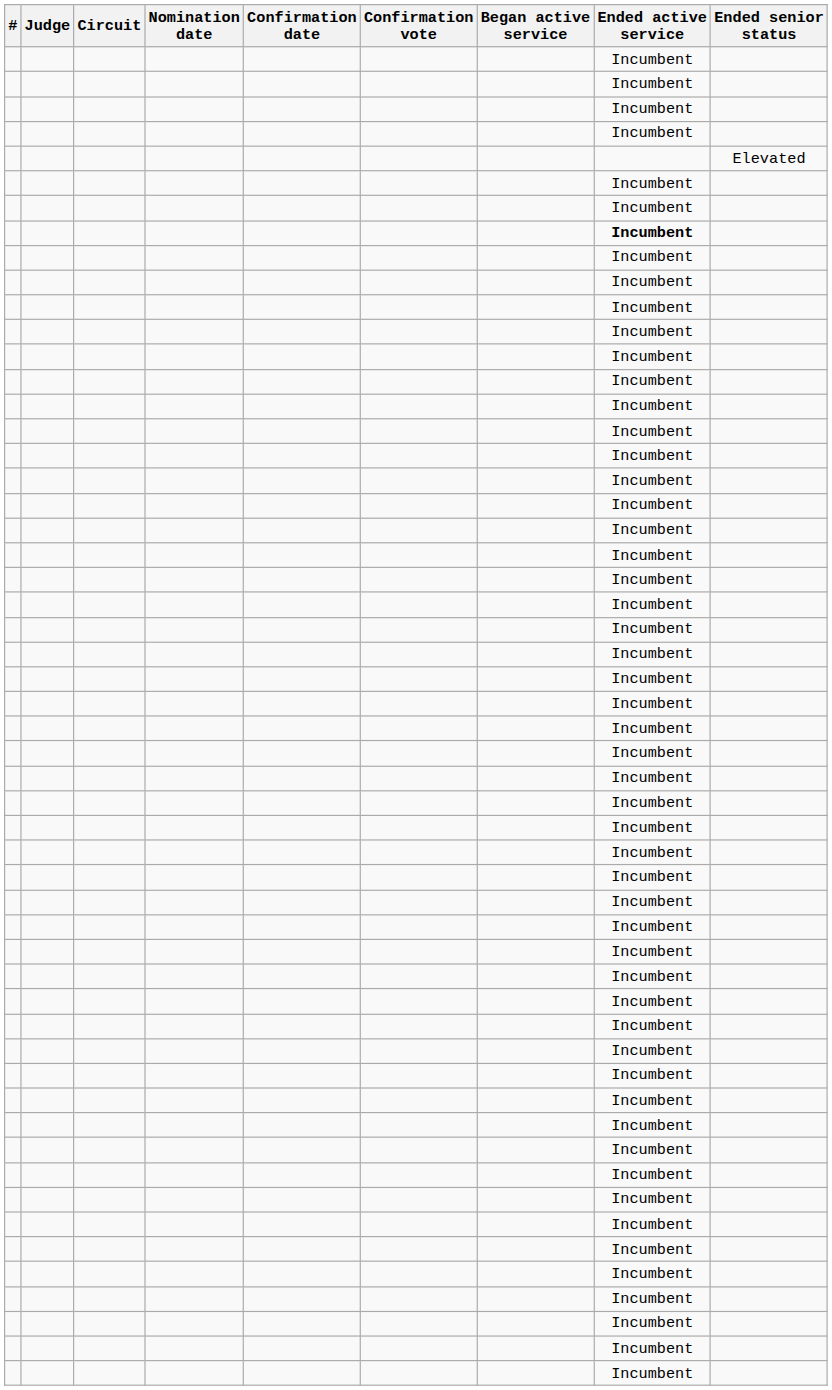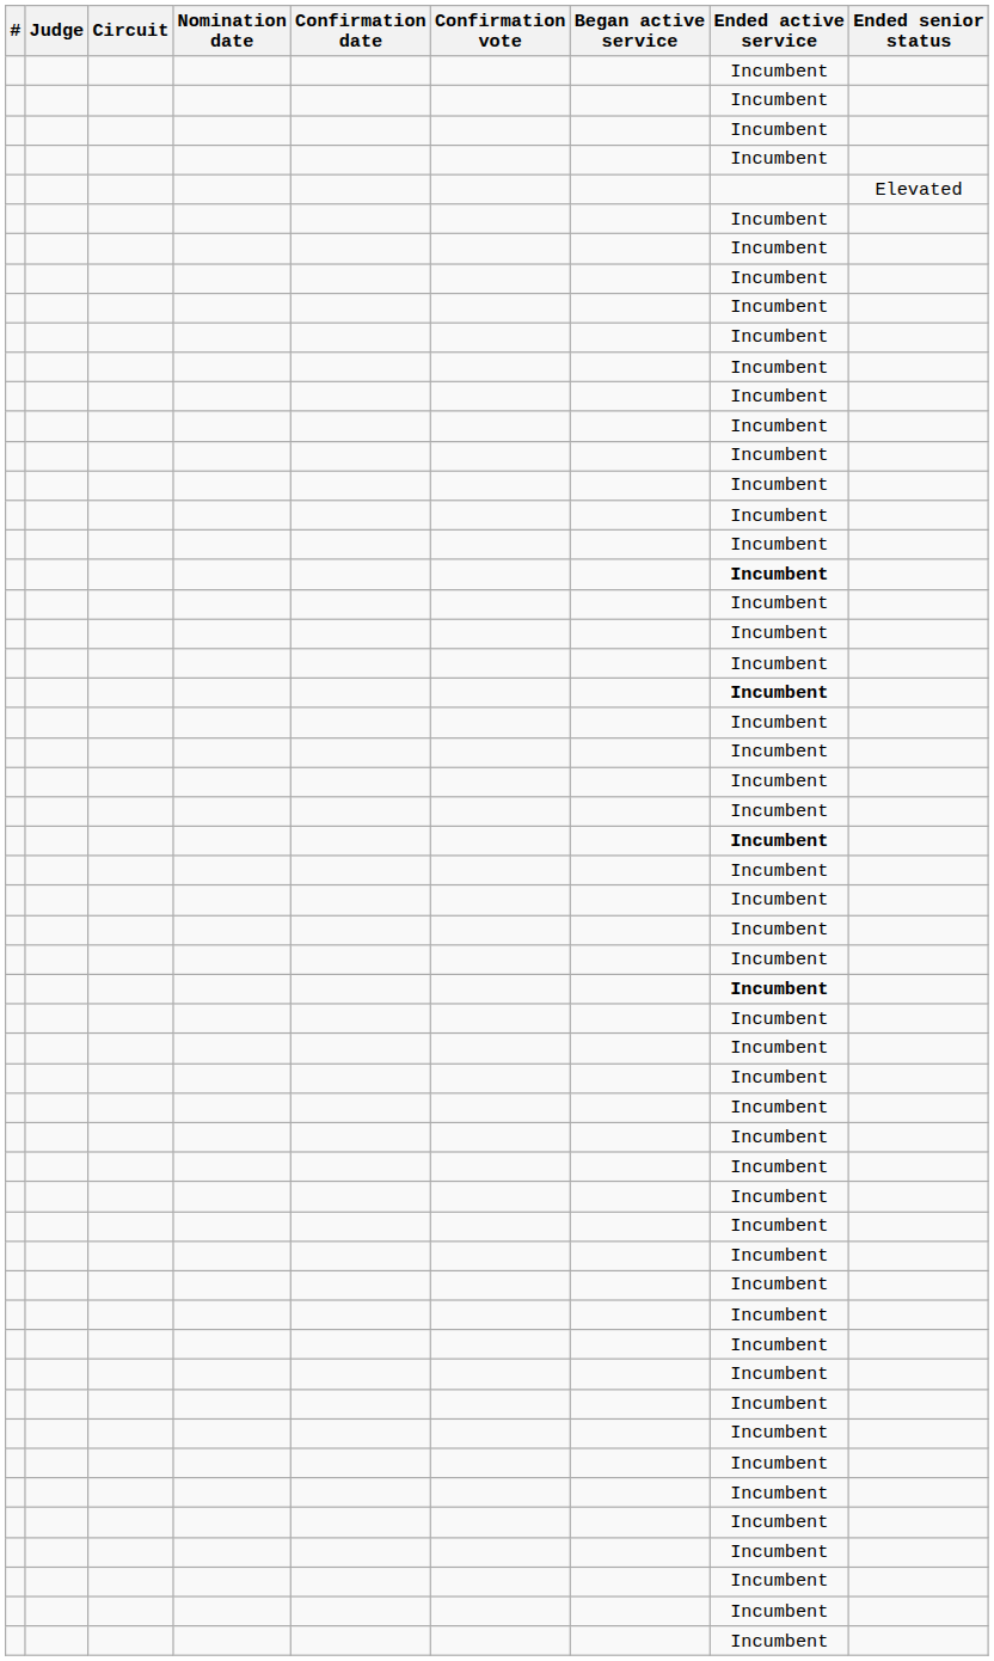 <table class="sortable wikitable">
 <tr bgcolor="#ececec">
 <th>#</th>
 <th>Judge</th>
 <th>Circuit</th>
 <th>Nomination<br>date</th>
 <th>Confirmation<br>date</th>
 <th>Confirmation<br>vote</th>
 <th>Began active<br>service</th>
 <th>Ended active<br>service</th>
 <th>Ended senior<br>status</th>
 </tr>
 <tr>
 <td></td>
 <td></td>
 <td></td>
 <td></td>
 <td></td>
 <td align="center"></td>
 <td></td>
 <td align="center">Incumbent</td>
 <td align="center"></td>
 </tr>
 <tr>
 <td></td>
 <td></td>
 <td></td>
 <td></td>
 <td></td>
 <td align="center"></td>
 <td></td>
 <td align="center">Incumbent</td>
 <td align="center"></td>
 </tr>
 <tr>
 <td></td>
 <td></td>
 <td></td>
 <td></td>
 <td></td>
 <td align="center"></td>
 <td></td>
 <td align="center">Incumbent</td>
 <td align="center"></td>
 </tr>
 <tr>
 <td></td>
 <td></td>
 <td></td>
 <td></td>
 <td></td>
 <td align="center"></td>
 <td></td>
 <td align="center">Incumbent</td>
 <td align="center"></td>
 </tr>
 <tr>
 <td></td>
 <td></td>
 <td></td>
 <td></td>
 <td></td>
 <td align="center"></td>
 <td></td>
 <td></td>
 <td align="center">Elevated</td>
+</tr>
+<tr>
+<td></td>
+<td></td>
+<td></td>
+<td></td>
+<td></td>
+<td align="center"></td>
+<td></td>
+<td align="center">Incumbent</td>
+<td align="center"></td>
+</tr>
+<tr>
+<td></td>
+<td></td>
+<td></td>
+<td></td>
+<td></td>
+<td align="center"></td>
+<td></td>
+<td align="center">Incumbent</td>
+<td align="center"></td>
+</tr>
+<tr>
+<td></td>
+<td></td>
+<td></td>
+<td></td>
+<td></td>
+<td align="center"></td>
+<td></td>
+<td align="center">Incumbent</td>
+<td align="center"></td>
+</tr>
+<tr>
+<td></td>
+<td></td>
+<td></td>
+<td></td>
+<td></td>
+<td align="center"></td>
+<td></td>
+<td align="center">Incumbent</td>
+<td align="center"></td>
+</tr>
+<tr>
+<td></td>
+<td></td>
+<td></td>
+<td></td>
+<td></td>
+<td align="center"></td>
+<td></td>
+<td align="center">Incumbent</td>
+<td align="center"></td>
+</tr>
+<tr>
+<td></td>
+<td></td>
+<td></td>
+<td></td>
+<td></td>
+<td align="center"></td>
+<td></td>
+<td align="center">Incumbent</td>
+<td align="center"></td>
+</tr>
+<tr>
+<td></td>
+<td></td>
+<td></td>
+<td></td>
+<td></td>
+<td align="center"></td>
+<td></td>
+<td align="center">Incumbent</td>
+<td align="center"></td>
+</tr>
+<tr>
+<td></td>
+<td></td>
+<td></td>
+<td></td>
+<td></td>
+<td align="center"></td>
+<td></td>
+<td align="center">Incumbent</td>
+<td align="center"></td>
+</tr>
+<tr>
+<td></td>
+<td></td>
+<td></td>
+<td></td>
+<td></td>
+<td align="center"></td>
+<td></td>
+<td align="center">Incumbent</td>
+<td align="center"></td>
+</tr>
+<tr>
+<td></td>
+<td></td>
+<td></td>
+<td></td>
+<td></td>
+<td align="center"></td>
+<td></td>
+<td align="center">Incumbent</td>
+<td align="center"></td>
+</tr>
+<tr>
+<td></td>
+<td></td>
+<td></td>
+<td></td>
+<td></td>
+<td align="center"></td>
+<td></td>
+<td align="center">Incumbent</td>
+<td align="center"></td>
+</tr>
+<tr>
+<td></td>
+<td></td>
+<td></td>
+<td></td>
+<td></td>
+<td align="center"></td>
+<td></td>
+<td align="center">Incumbent</td>
+<td align="center"></td>
+</tr>
+<tr>
+<td></td>
+<td></td>
+<td></td>
+<td></td>
+<td></td>
+<td align="center"></td>
+<td></td>
+<td align="center"><strong>Incumbent</strong></td>
+<td align="center"></td>
+</tr>
+<tr>
+<td></td>
+<td></td>
+<td></td>
+<td></td>
+<td></td>
+<td align="center"></td>
+<td></td>
+<td align="center">Incumbent</td>
+<td align="center"></td>
+</tr>
+<tr>
+<td></td>
+<td></td>
+<td></td>
+<td></td>
+<td></td>
+<td align="center"></td>
+<td></td>
+<td align="center">Incumbent</td>
+<td align="center"></td>
+</tr>
+<tr>
+<td></td>
+<td></td>
+<td></td>
+<td></td>
+<td></td>
+<td align="center"></td>
+<td></td>
+<td align="center">Incumbent</td>
+<td align="center"></td>
+</tr>
+<tr>
+<td></td>
+<td></td>
+<td></td>
+<td></td>
+<td></td>
+<td align="center"></td>
+<td></td>
+<td align="center"><strong>Incumbent</strong></td>
+<td align="center"></td>
+</tr>
+<tr>
+<td></td>
+<td></td>
+<td></td>
+<td></td>
+<td></td>
+<td align="center"></td>
+<td></td>
+<td align="center">Incumbent</td>
+<td align="center"></td>
+</tr>
+<tr>
+<td></td>
+<td></td>
+<td></td>
+<td></td>
+<td></td>
+<td align="center"></td>
+<td></td>
+<td align="center">Incumbent</td>
+<td align="center"></td>
+</tr>
+<tr>
+<td></td>
+<td></td>
+<td></td>
+<td></td>
+<td></td>
+<td align="center"></td>
+<td></td>
+<td align="center">Incumbent</td>
+<td align="center"></td>
+</tr>
+<tr>
+<td></td>
+<td></td>
+<td></td>
+<td></td>
+<td></td>
+<td align="center"></td>
+<td></td>
+<td align="center">Incumbent</td>
+<td align="center"></td>
+</tr>
+<tr>
+<td></td>
+<td></td>
+<td></td>
+<td></td>
+<td></td>
+<td align="center"></td>
+<td></td>
+<td align="center"><strong>Incumbent</strong></td>
+<td align="center"></td>
+</tr>
+<tr>
+<td></td>
+<td></td>
+<td></td>
+<td></td>
+<td></td>
+<td align="center"></td>
+<td></td>
+<td align="center">Incumbent</td>
+<td align="center"></td>
+</tr>
+<tr>
+<td></td>
+<td></td>
+<td></td>
+<td></td>
+<td></td>
+<td align="center"></td>
+<td></td>
+<td align="center">Incumbent</td>
+<td align="center"></td>
 </tr>
 <tr>
 <td></td>
 <td></td>
 <td></td>
 <td></td>
 <td></td>
 <td align="center"></td>
 <td></td>
 <td align="center">Incumbent</td>
 <td align="center"></td>
 </tr>
 <tr>
 <td></td>
 <td></td>
 <td></td>
 <td></td>
 <td></td>
 <td align="center"></td>
 <td></td>
 <td align="center">Incumbent</td>
 <td align="center"></td>
 </tr>
 <tr>
 <td></td>
 <td></td>
 <td></td>
 <td></td>
 <td></td>
 <td align="center"></td>
 <td></td>
 <td align="center"><strong>Incumbent</strong></td>
 <td align="center"></td>
 </tr>
 <tr>
 <td></td>
 <td></td>
 <td></td>
 <td></td>
 <td></td>
 <td align="center"></td>
 <td></td>
 <td align="center">Incumbent</td>
 <td align="center"></td>
 </tr>
 <tr>
 <td></td>
 <td></td>
 <td></td>
 <td></td>
 <td></td>
 <td align="center"></td>
 <td></td>
 <td align="center">Incumbent</td>
 <td align="center"></td>
 </tr>
 <tr>
 <td></td>
 <td></td>
 <td></td>
 <td></td>
 <td></td>
 <td align="center"></td>
 <td></td>
 <td align="center">Incumbent</td>
 <td align="center"></td>
 </tr>
 <tr>
 <td></td>
 <td></td>
 <td></td>
 <td></td>
 <td></td>
 <td align="center"></td>
 <td></td>
 <td align="center">Incumbent</td>
 <td align="center"></td>
 </tr>
 <tr>
 <td></td>
 <td></td>
 <td></td>
 <td></td>
 <td></td>
 <td align="center"></td>
 <td></td>
 <td align="center">Incumbent</td>
 <td align="center"></td>
 </tr>
 <tr>
 <td></td>
 <td></td>
 <td></td>
 <td></td>
 <td></td>
 <td align="center"></td>
 <td></td>
 <td align="center">Incumbent</td>
 <td align="center"></td>
 </tr>
 <tr>
 <td></td>
 <td></td>
 <td></td>
 <td></td>
 <td></td>
 <td align="center"></td>
 <td></td>
 <td align="center">Incumbent</td>
 <td align="center"></td>
 </tr>
 <tr>
 <td></td>
 <td></td>
 <td></td>
 <td></td>
 <td></td>
 <td align="center"></td>
 <td></td>
 <td align="center">Incumbent</td>
 <td align="center"></td>
 </tr>
 <tr>
 <td></td>
 <td></td>
 <td></td>
 <td></td>
 <td></td>
 <td align="center"></td>
 <td></td>
 <td align="center">Incumbent</td>
 <td align="center"></td>
 </tr>
 <tr>
 <td></td>
 <td></td>
 <td></td>
 <td></td>
 <td></td>
 <td align="center"></td>
 <td></td>
 <td align="center">Incumbent</td>
 <td align="center"></td>
 </tr>
 <tr>
 <td></td>
 <td></td>
 <td></td>
 <td></td>
 <td></td>
 <td align="center"></td>
 <td></td>
 <td align="center">Incumbent</td>
 <td align="center"></td>
 </tr>
 <tr>
 <td></td>
 <td></td>
 <td></td>
 <td></td>
 <td></td>
 <td align="center"></td>
 <td></td>
 <td align="center">Incumbent</td>
 <td align="center"></td>
 </tr>
 <tr>
 <td></td>
 <td></td>
 <td></td>
 <td></td>
 <td></td>
 <td align="center"></td>
 <td></td>
 <td align="center">Incumbent</td>
 <td align="center"></td>
 </tr>
 <tr>
 <td></td>
 <td></td>
 <td></td>
 <td></td>
 <td></td>
 <td align="center"></td>
 <td></td>
 <td align="center">Incumbent</td>
 <td align="center"></td>
 </tr>
 <tr>
 <td></td>
 <td></td>
 <td></td>
 <td></td>
 <td></td>
 <td align="center"></td>
 <td></td>
 <td align="center">Incumbent</td>
 <td align="center"></td>
 </tr>
 <tr>
 <td></td>
 <td></td>
 <td></td>
 <td></td>
 <td></td>
 <td align="center"></td>
 <td></td>
 <td align="center">Incumbent</td>
 <td align="center"></td>
 </tr>
 <tr>
 <td></td>
 <td></td>
 <td></td>
 <td></td>
 <td></td>
 <td align="center"></td>
 <td></td>
 <td align="center">Incumbent</td>
 <td align="center"></td>
 </tr>
 <tr>
 <td></td>
 <td></td>
 <td></td>
 <td></td>
 <td></td>
 <td align="center"></td>
 <td></td>
 <td align="center">Incumbent</td>
 <td align="center"></td>
 </tr>
 <tr>
 <td></td>
 <td></td>
 <td></td>
 <td></td>
 <td></td>
 <td align="center"></td>
 <td></td>
 <td align="center">Incumbent</td>
 <td align="center"></td>
 </tr>
 <tr>
 <td></td>
 <td></td>
 <td></td>
 <td></td>
 <td></td>
 <td align="center"></td>
 <td></td>
 <td align="center">Incumbent</td>
 <td align="center"></td>
 </tr>
 <tr>
 <td></td>
 <td></td>
 <td></td>
 <td></td>
 <td></td>
 <td align="center"></td>
 <td></td>
 <td align="center">Incumbent</td>
 <td align="center"></td>
 </tr>
 <tr>
 <td></td>
 <td></td>
 <td></td>
 <td></td>
 <td></td>
 <td align="center"></td>
 <td></td>
 <td align="center">Incumbent</td>
 <td align="center"></td>
 </tr>
-<tr>
-<td></td>
-<td></td>
-<td></td>
-<td></td>
-<td></td>
-<td align="center"></td>
-<td></td>
-<td align="center">Incumbent</td>
-<td align="center"></td>
-</tr>
-<tr>
-<td></td>
-<td></td>
-<td></td>
-<td></td>
-<td></td>
-<td align="center"></td>
-<td></td>
-<td align="center">Incumbent</td>
-<td align="center"></td>
-</tr>
-<tr>
-<td></td>
-<td></td>
-<td></td>
-<td></td>
-<td></td>
-<td align="center"></td>
-<td></td>
-<td align="center">Incumbent</td>
-<td align="center"></td>
-</tr>
-<tr>
-<td></td>
-<td></td>
-<td></td>
-<td></td>
-<td></td>
-<td align="center"></td>
-<td></td>
-<td align="center">Incumbent</td>
-<td align="center"></td>
-</tr>
-<tr>
-<td></td>
-<td></td>
-<td></td>
-<td></td>
-<td></td>
-<td align="center"></td>
-<td></td>
-<td align="center">Incumbent</td>
-<td align="center"></td>
-</tr>
-<tr>
-<td></td>
-<td></td>
-<td></td>
-<td></td>
-<td></td>
-<td align="center"></td>
-<td></td>
-<td align="center">Incumbent</td>
-<td align="center"></td>
-</tr>
-<tr>
-<td></td>
-<td></td>
-<td></td>
-<td></td>
-<td></td>
-<td align="center"></td>
-<td></td>
-<td align="center">Incumbent</td>
-<td align="center"></td>
-</tr>
-<tr>
-<td></td>
-<td></td>
-<td></td>
-<td></td>
-<td></td>
-<td align="center"></td>
-<td></td>
-<td align="center">Incumbent</td>
-<td align="center"></td>
-</tr>
-<tr>
-<td></td>
-<td></td>
-<td></td>
-<td></td>
-<td></td>
-<td align="center"></td>
-<td></td>
-<td align="center">Incumbent</td>
-<td align="center"></td>
-</tr>
-<tr>
-<td></td>
-<td></td>
-<td></td>
-<td></td>
-<td></td>
-<td align="center"></td>
-<td></td>
-<td align="center">Incumbent</td>
-<td align="center"></td>
-</tr>
-<tr>
-<td></td>
-<td></td>
-<td></td>
-<td></td>
-<td></td>
-<td align="center"></td>
-<td></td>
-<td align="center">Incumbent</td>
-<td align="center"></td>
-</tr>
-<tr>
-<td></td>
-<td></td>
-<td></td>
-<td></td>
-<td></td>
-<td align="center"></td>
-<td></td>
-<td align="center">Incumbent</td>
-<td align="center"></td>
-</tr>
-<tr>
-<td></td>
-<td></td>
-<td></td>
-<td></td>
-<td></td>
-<td align="center"></td>
-<td></td>
-<td align="center">Incumbent</td>
-<td align="center"></td>
-</tr>
-<tr>
-<td></td>
-<td></td>
-<td></td>
-<td></td>
-<td></td>
-<td align="center"></td>
-<td></td>
-<td align="center">Incumbent</td>
-<td align="center"></td>
-</tr>
-<tr>
-<td></td>
-<td></td>
-<td></td>
-<td></td>
-<td></td>
-<td align="center"></td>
-<td></td>
-<td align="center">Incumbent</td>
-<td align="center"></td>
-</tr>
-<tr>
-<td></td>
-<td></td>
-<td></td>
-<td></td>
-<td></td>
-<td align="center"></td>
-<td></td>
-<td align="center">Incumbent</td>
-<td align="center"></td>
-</tr>
-<tr>
-<td></td>
-<td></td>
-<td></td>
-<td></td>
-<td></td>
-<td align="center"></td>
-<td></td>
-<td align="center">Incumbent</td>
-<td align="center"></td>
-</tr>
-<tr>
-<td></td>
-<td></td>
-<td></td>
-<td></td>
-<td></td>
-<td align="center"></td>
-<td></td>
-<td align="center">Incumbent</td>
-<td align="center"></td>
-</tr>
-<tr>
-<td></td>
-<td></td>
-<td></td>
-<td></td>
-<td></td>
-<td align="center"></td>
-<td></td>
-<td align="center">Incumbent</td>
-<td align="center"></td>
-</tr>
-<tr>
-<td></td>
-<td></td>
-<td></td>
-<td></td>
-<td></td>
-<td align="center"></td>
-<td></td>
-<td align="center">Incumbent</td>
-<td align="center"></td>
-</tr>
-<tr>
-<td></td>
-<td></td>
-<td></td>
-<td></td>
-<td></td>
-<td align="center"></td>
-<td></td>
-<td align="center">Incumbent</td>
-<td align="center"></td>
-</tr>
-<tr>
-<td></td>
-<td></td>
-<td></td>
-<td></td>
-<td></td>
-<td align="center"></td>
-<td></td>
-<td align="center">Incumbent</td>
-<td align="center"></td>
-</tr>
-<tr>
-<td></td>
-<td></td>
-<td></td>
-<td></td>
-<td></td>
-<td align="center"></td>
-<td></td>
-<td align="center">Incumbent</td>
-<td align="center"></td>
-</tr>
-<tr>
-<td></td>
-<td></td>
-<td></td>
-<td></td>
-<td></td>
-<td align="center"></td>
-<td></td>
-<td align="center">Incumbent</td>
-<td align="center"></td>
-</tr>
 </table>
